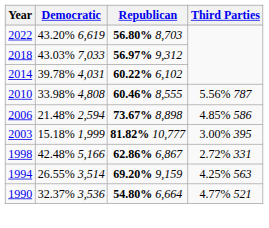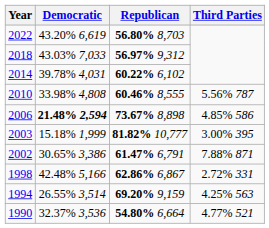 <table class="wikitable"  style="display: inline-table; margin:1em; font-size:95%;">
 <tr style="background:lightgrey;">
 <th>Year</th>
 <th><a href='#'>Democratic</a></th>
 <th><a href='#'>Republican</a></th>
 <th><a href='#'>Third Parties</a></th>
 </tr>
 <tr>
 <td align="center" ><a href='#'>2022</a></td>
 <td align="center" >43.20% <em>6,619</em></td>
 <td align="center" ><strong>56.80%</strong> <em>8,703</em></td>
 </tr>
 <tr>
 <td align="center" ><a href='#'>2018</a></td>
 <td align="center" >43.03% <em>7,033</em></td>
 <td align="center" ><strong>56.97%</strong> <em>9,312</em></td>
 </tr>
 <tr>
 <td align="center" ><a href='#'>2014</a></td>
 <td align="center" >39.78% <em>4,031</em></td>
 <td align="center" ><strong>60.22%</strong> <em>6,102</em></td>
 </tr>
 <tr>
 <td align="center" ><a href='#'>2010</a></td>
 <td align="center" >33.98% <em>4,808</em></td>
 <td align="center" ><strong>60.46%</strong> <em>8,555</em></td>
 <td align="center" >5.56% <em>787</em></td>
 </tr>
 <tr>
 <td align="center" ><a href='#'>2006</a></td>
-<td align="center" >21.48% <em>2,594</em></td>
+<td align="center" ><strong>21.48% <em>2,594</em></strong></td>
 <td align="center" ><strong>73.67%</strong> <em>8,898</em></td>
 <td align="center" >4.85% <em>586</em></td>
 </tr>
 <tr>
 <td align="center" ><a href='#'>2003</a></td>
 <td align="center" >15.18% <em>1,999</em></td>
 <td align="center" ><strong>81.82%</strong> <em>10,777</em></td>
 <td align="center" >3.00% <em>395</em></td>
+</tr>
+<tr>
+<td align="center" ><a href='#'>2002</a></td>
+<td align="center" >30.65% <em>3,386</em></td>
+<td align="center" ><strong>61.47%</strong> <em>6,791</em></td>
+<td align="center" >7.88% <em>871</em></td>
 </tr>
 <tr>
 <td align="center" ><a href='#'>1998</a></td>
 <td align="center" >42.48% <em>5,166</em></td>
 <td align="center" ><strong>62.86%</strong> <em>6,867</em></td>
 <td align="center" >2.72% <em>331</em></td>
 </tr>
 <tr>
 <td align="center" ><a href='#'>1994</a></td>
 <td align="center" >26.55% <em>3,514</em></td>
 <td align="center" ><strong>69.20%</strong> <em>9,159</em></td>
 <td align="center" >4.25% <em>563</em></td>
 </tr>
 <tr>
 <td align="center" ><a href='#'>1990</a></td>
 <td align="center" >32.37% <em>3,536</em></td>
 <td align="center" ><strong>54.80%</strong> <em>6,664</em></td>
 <td align="center" >4.77% <em>521</em></td>
 </tr>
 </table>
